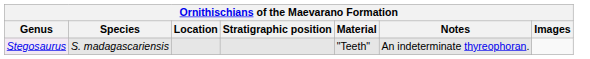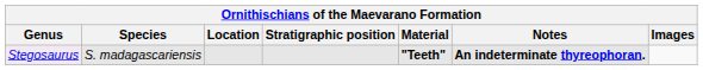 <table class="wikitable" align="center">
 <tr>
 <th colspan="7" align="center"><a href='#'>Ornithischians</a> of the Maevarano Formation</th>
 </tr>
 <tr>
 <th>Genus</th>
 <th>Species</th>
 <th>Location</th>
 <th>Stratigraphic position</th>
 <th>Material</th>
 <th>Notes</th>
 <th>Images</th>
 </tr>
 <tr>
 <td style="background:#f3e9f3;"><em><a href='#'>Stegosaurus</a></em></td>
 <td style="background:#E6E6E6;"><em>S. madagascariensis</em></td>
 <td style="background:#E6E6E6;"></td>
 <td style="background:#E6E6E6;"></td>
-<td style="background:#E6E6E6;">"Teeth"</td>
-<td style="background:#E6E6E6;">An indeterminate <a href='#'>thyreophoran</a>.</td>
+<td style="background:#E6E6E6;"><strong>"Teeth"</strong></td>
+<td style="background:#E6E6E6;"><strong>An indeterminate <a href='#'>thyreophoran</a>.</strong></td>
 </tr>
 </table>
